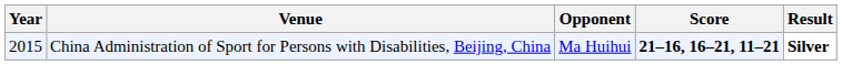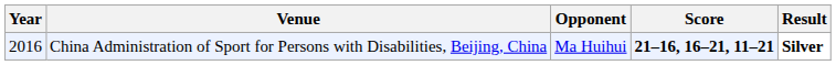 <table class="sortable wikitable" style="font-size: 90%;">
 <tr>
 <th>Year</th>
 <th>Venue</th>
 <th>Opponent</th>
 <th>Score</th>
 <th>Result</th>
 </tr>
 <tr style="background:#ECF2FF">
-<td align="center">2015</td>
+<td align="center">2016</td>
 <td align="left">China Administration of Sport for Persons with Disabilities,  <a href='#'>Beijing, China</a></td>
 <td align="left"> <a href='#'>Ma Huihui</a></td>
 <td align="left"><strong>21–16, 16–21, 11–21</strong></td>
 <td style="text-align:left; background:white"> <strong>Silver</strong></td>
 </tr>
 </table>
